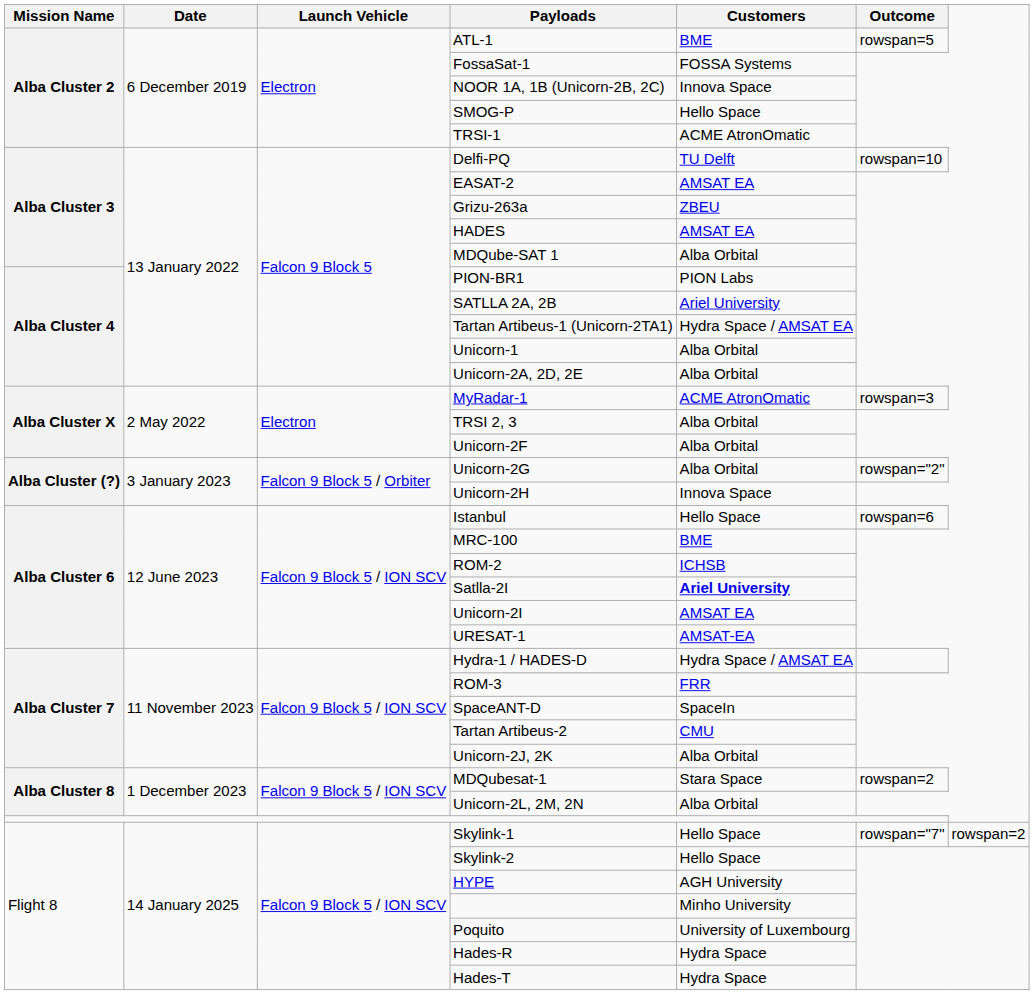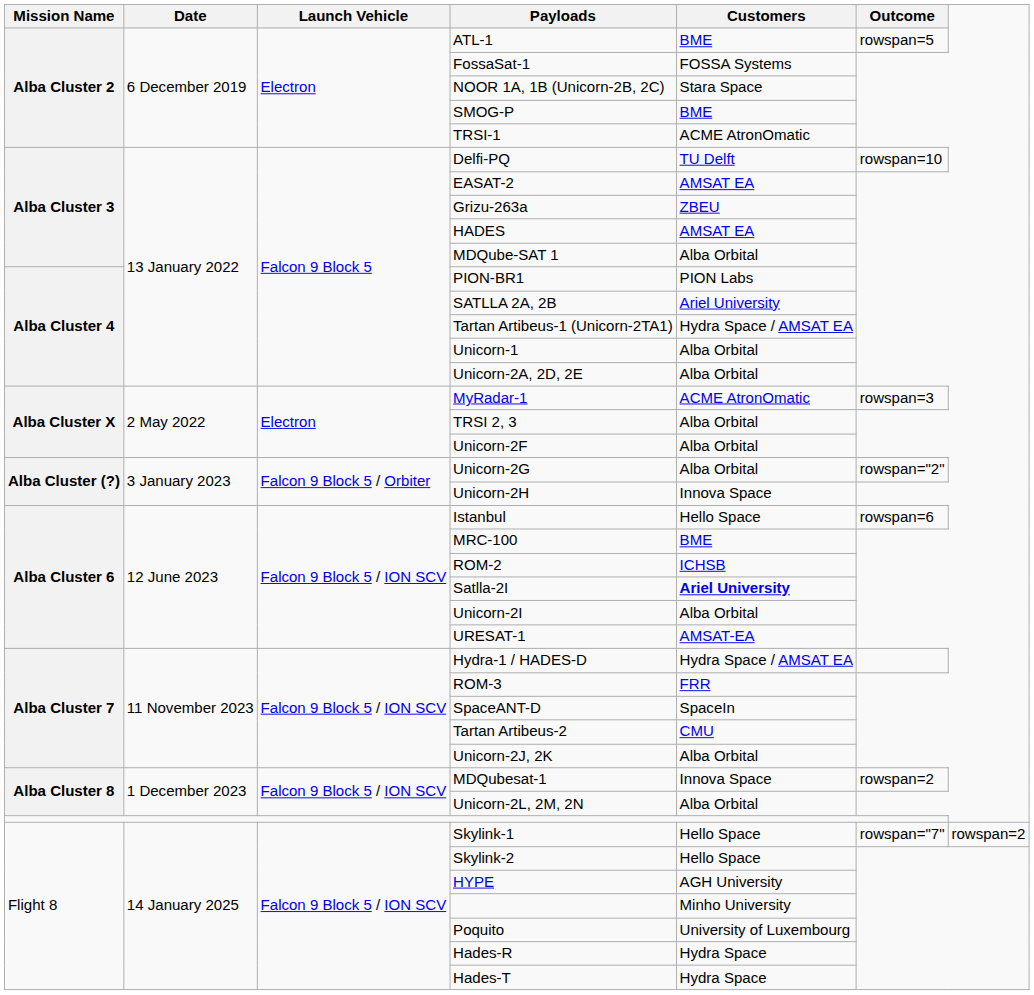 <table class="wikitable">
 <tr>
 <th>Mission Name</th>
 <th>Date</th>
 <th>Launch Vehicle</th>
 <th>Payloads</th>
 <th>Customers</th>
 <th>Outcome</th>
 </tr>
 <tr>
 <th rowspan=5>Alba Cluster 2</th>
 <td rowspan=5>6 December 2019</td>
 <td rowspan=5><a href='#'>Electron</a></td>
 <td> ATL-1</td>
 <td><a href='#'>BME</a></td>
 <td>rowspan=5 </td>
 </tr>
 <tr>
 <td> FossaSat-1</td>
 <td>FOSSA Systems</td>
 </tr>
 <tr>
 <td> NOOR 1A, 1B (Unicorn-2B, 2C)</td>
-<td>Innova Space</td>
+<td>Stara Space</td>
 </tr>
 <tr>
 <td> SMOG-P</td>
-<td>Hello Space</td>
+<td><a href='#'>BME</a></td>
 </tr>
 <tr>
 <td> TRSI-1</td>
 <td>ACME AtronOmatic</td>
 </tr>
 <tr>
 <th rowspan=5>Alba Cluster 3</th>
 <td rowspan=10>13 January 2022</td>
 <td rowspan=10><a href='#'>Falcon 9 Block 5</a></td>
 <td> Delfi-PQ</td>
 <td><a href='#'>TU Delft</a></td>
 <td>rowspan=10 </td>
 </tr>
 <tr>
 <td> EASAT-2</td>
 <td><a href='#'>AMSAT EA</a></td>
 </tr>
 <tr>
 <td> Grizu-263a</td>
 <td><a href='#'>ZBEU</a></td>
 </tr>
 <tr>
 <td> HADES</td>
 <td><a href='#'>AMSAT EA</a></td>
 </tr>
 <tr>
 <td> MDQube-SAT 1</td>
 <td>Alba Orbital</td>
 </tr>
 <tr>
 <th rowspan=5>Alba Cluster 4</th>
 <td> PION-BR1</td>
 <td>PION Labs</td>
 </tr>
 <tr>
 <td> SATLLA 2A, 2B</td>
 <td><a href='#'>Ariel University</a></td>
 </tr>
 <tr>
 <td> Tartan Artibeus-1 (Unicorn-2TA1)</td>
 <td>Hydra Space / <a href='#'>AMSAT EA</a></td>
 </tr>
 <tr>
 <td> Unicorn-1</td>
 <td>Alba Orbital</td>
 </tr>
 <tr>
 <td> Unicorn-2A, 2D, 2E</td>
 <td>Alba Orbital</td>
 </tr>
 <tr>
 <th rowspan=3>Alba Cluster X</th>
 <td rowspan=3>2 May 2022</td>
 <td rowspan=3><a href='#'>Electron</a></td>
 <td> <a href='#'>MyRadar-1</a></td>
 <td><a href='#'>ACME AtronOmatic</a></td>
 <td>rowspan=3 </td>
 </tr>
 <tr>
 <td> TRSI 2, 3</td>
 <td>Alba Orbital</td>
 </tr>
 <tr>
 <td> Unicorn-2F</td>
 <td>Alba Orbital</td>
 </tr>
 <tr>
 <th rowspan="2">Alba Cluster (?)</th>
 <td rowspan="2">3 January 2023</td>
 <td rowspan="2"><a href='#'>Falcon 9 Block 5</a> / <a href='#'>Orbiter</a></td>
 <td> Unicorn-2G</td>
 <td>Alba Orbital</td>
 <td>rowspan="2" </td>
 </tr>
 <tr>
 <td> Unicorn-2H</td>
 <td>Innova Space</td>
 </tr>
 <tr>
 <th rowspan=6>Alba Cluster 6</th>
 <td rowspan=6>12 June 2023</td>
 <td rowspan=6><a href='#'>Falcon 9 Block 5</a> / <a href='#'>ION SCV</a></td>
 <td> Istanbul</td>
 <td>Hello Space</td>
 <td>rowspan=6 </td>
 </tr>
 <tr>
 <td> MRC-100</td>
 <td><a href='#'>BME</a></td>
 </tr>
 <tr>
 <td> ROM-2</td>
 <td><a href='#'>ICHSB</a></td>
 </tr>
 <tr>
 <td> Satlla-2I</td>
 <td><strong><a href='#'>Ariel University</a></strong></td>
 </tr>
 <tr>
 <td> Unicorn-2I</td>
-<td><a href='#'>AMSAT EA</a></td>
+<td>Alba Orbital</td>
 </tr>
 <tr>
 <td> URESAT-1</td>
 <td><a href='#'>AMSAT-EA</a></td>
 </tr>
 <tr>
 <th rowspan=5>Alba Cluster 7</th>
 <td rowspan=5>11 November 2023</td>
 <td rowspan=5><a href='#'>Falcon 9 Block 5</a> / <a href='#'>ION SCV</a></td>
 <td> Hydra-1 / HADES-D</td>
 <td>Hydra Space / <a href='#'>AMSAT EA</a></td>
 <td></td>
 </tr>
 <tr>
 <td> ROM-3</td>
 <td><a href='#'>FRR</a></td>
 </tr>
 <tr>
 <td> SpaceANT-D</td>
 <td>SpaceIn</td>
 </tr>
 <tr>
 <td> Tartan Artibeus-2</td>
 <td><a href='#'>CMU</a></td>
 </tr>
 <tr>
 <td> Unicorn-2J, 2K</td>
 <td>Alba Orbital</td>
 </tr>
 <tr>
 <th rowspan=2>Alba Cluster 8</th>
 <td rowspan=2>1 December 2023</td>
 <td rowspan=2><a href='#'>Falcon 9 Block 5</a> / <a href='#'>ION SCV</a></td>
 <td> MDQubesat-1</td>
-<td>Stara Space</td>
+<td>Innova Space</td>
 <td>rowspan=2 </td>
 </tr>
 <tr>
 <td> Unicorn-2L, 2M, 2N</td>
 <td>Alba Orbital</td>
 </tr>
 <tr>
 <td colspan="6"></td>
 </tr>
 <tr>
 <td rowspan="7">Flight 8</td>
 <td rowspan="7">14 January 2025</td>
 <td rowspan="7"><a href='#'>Falcon 9 Block 5</a> / <a href='#'>ION SCV</a></td>
 <td> Skylink-1</td>
 <td>Hello Space</td>
 <td>rowspan="7"</td>
 <td>rowspan=2 </td>
 </tr>
 <tr>
 <td> Skylink-2</td>
 <td>Hello Space</td>
 </tr>
 <tr>
 <td> <a href='#'>HYPE</a></td>
 <td>AGH University</td>
 </tr>
 <tr>
 <td> </td>
 <td>Minho University</td>
 </tr>
 <tr>
 <td> Poquito</td>
 <td>University of Luxembourg</td>
 </tr>
 <tr>
 <td> Hades-R</td>
 <td>Hydra Space</td>
 </tr>
 <tr>
 <td> Hades-T</td>
 <td>Hydra Space</td>
 </tr>
 </table>
